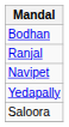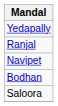 <table class="wikitable sortable static-row-numbers static-row-header-hash">
 <tr>
 <th>Mandal</th>
 </tr>
 <tr>
-<td><a href='#'>Bodhan</a></td>
+<td><a href='#'>Yedapally</a></td>
 </tr>
 <tr>
 <td><a href='#'>Ranjal</a></td>
 </tr>
 <tr>
 <td><a href='#'>Navipet</a></td>
 </tr>
 <tr>
-<td><a href='#'>Yedapally</a></td>
+<td><a href='#'>Bodhan</a></td>
 </tr>
 <tr>
 <td>Saloora</td>
 </tr>
 <tr>
 </tr>
 </table>
